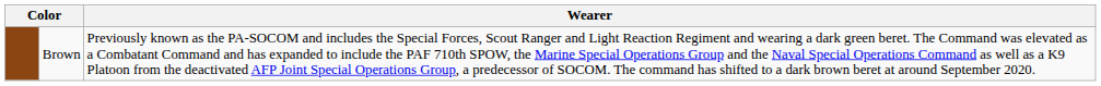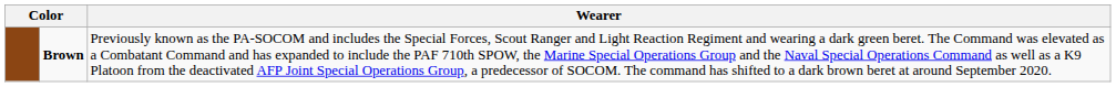 <table class="wikitable">
 <tr>
 <th colspan="2">Color</th>
 <th>Wearer</th>
 </tr>
 <tr>
 <td style="background:SaddleBrown;width:2em;"></td>
-<td>Brown</td>
+<td><strong>Brown</strong></td>
 <td>Previously known as the PA-SOCOM and includes the Special Forces, Scout Ranger and Light Reaction Regiment and wearing a dark green beret. The Command was elevated as a Combatant Command and has expanded to include the PAF 710th SPOW, the <a href='#'>Marine Special Operations Group</a> and the <a href='#'>Naval Special Operations Command</a> as well as a K9 Platoon from the deactivated <a href='#'>AFP Joint Special Operations Group</a>, a predecessor of SOCOM. The command has shifted to a dark brown beret at around September 2020.</td>
 </tr>
 </table>
